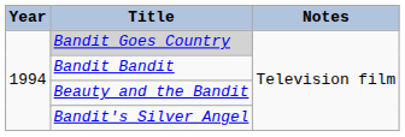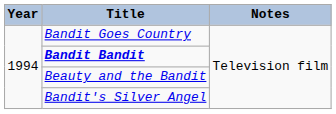 <table class="wikitable" style="font-size:95%;">
 <tr>
 <th style="background:#B0C4DE;">Year</th>
 <th style="background:#B0C4DE;">Title</th>
 <th style="background:#B0C4DE;">Notes</th>
 </tr>
 <tr>
 <td rowspan=4>1994</td>
-<td style="background: lightgrey;"><em><a href='#'>Bandit Goes Country</a></em></td>
+<td><em><a href='#'>Bandit Goes Country</a></em></td>
 <td rowspan=4>Television film</td>
 </tr>
 <tr>
-<td><em><a href='#'>Bandit Bandit</a></em></td>
+<td><strong><em><a href='#'>Bandit Bandit</a></em></strong></td>
 </tr>
 <tr>
 <td><em><a href='#'>Beauty and the Bandit</a></em></td>
 </tr>
 <tr>
 <td><em><a href='#'>Bandit's Silver Angel</a></em></td>
 </tr>
 </table>
